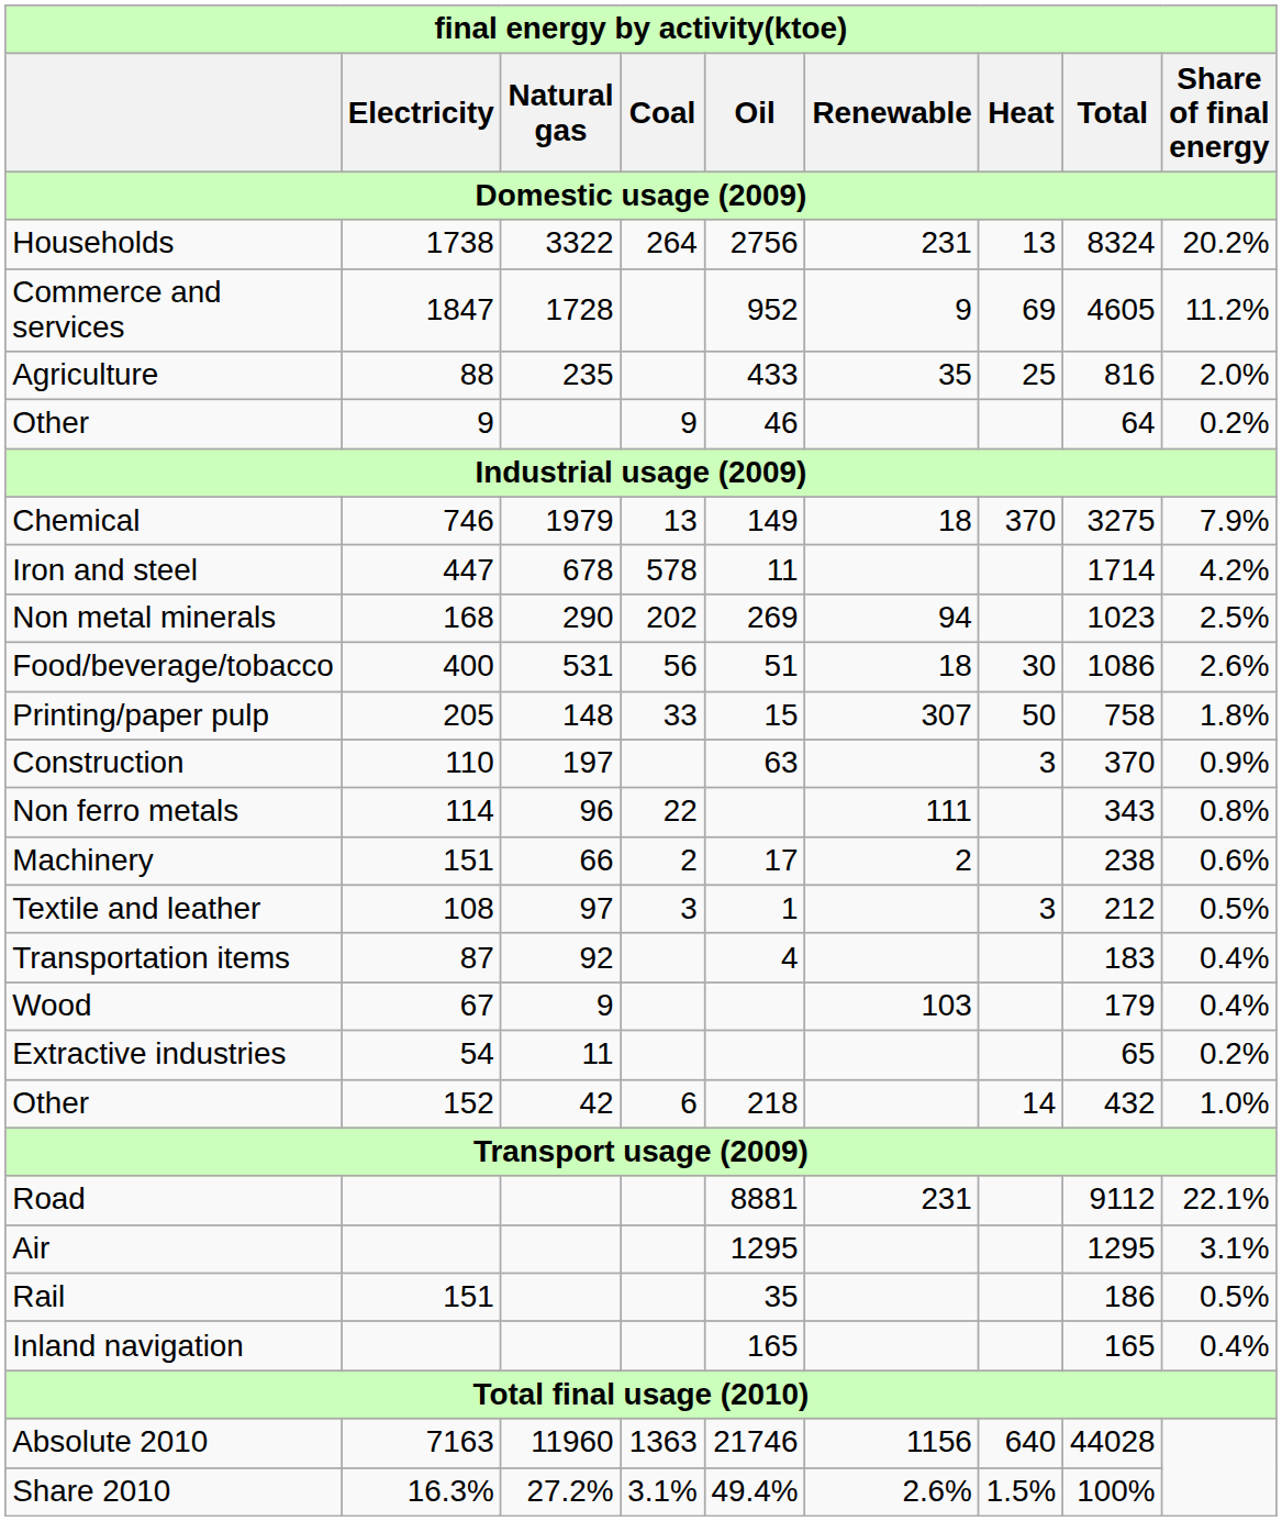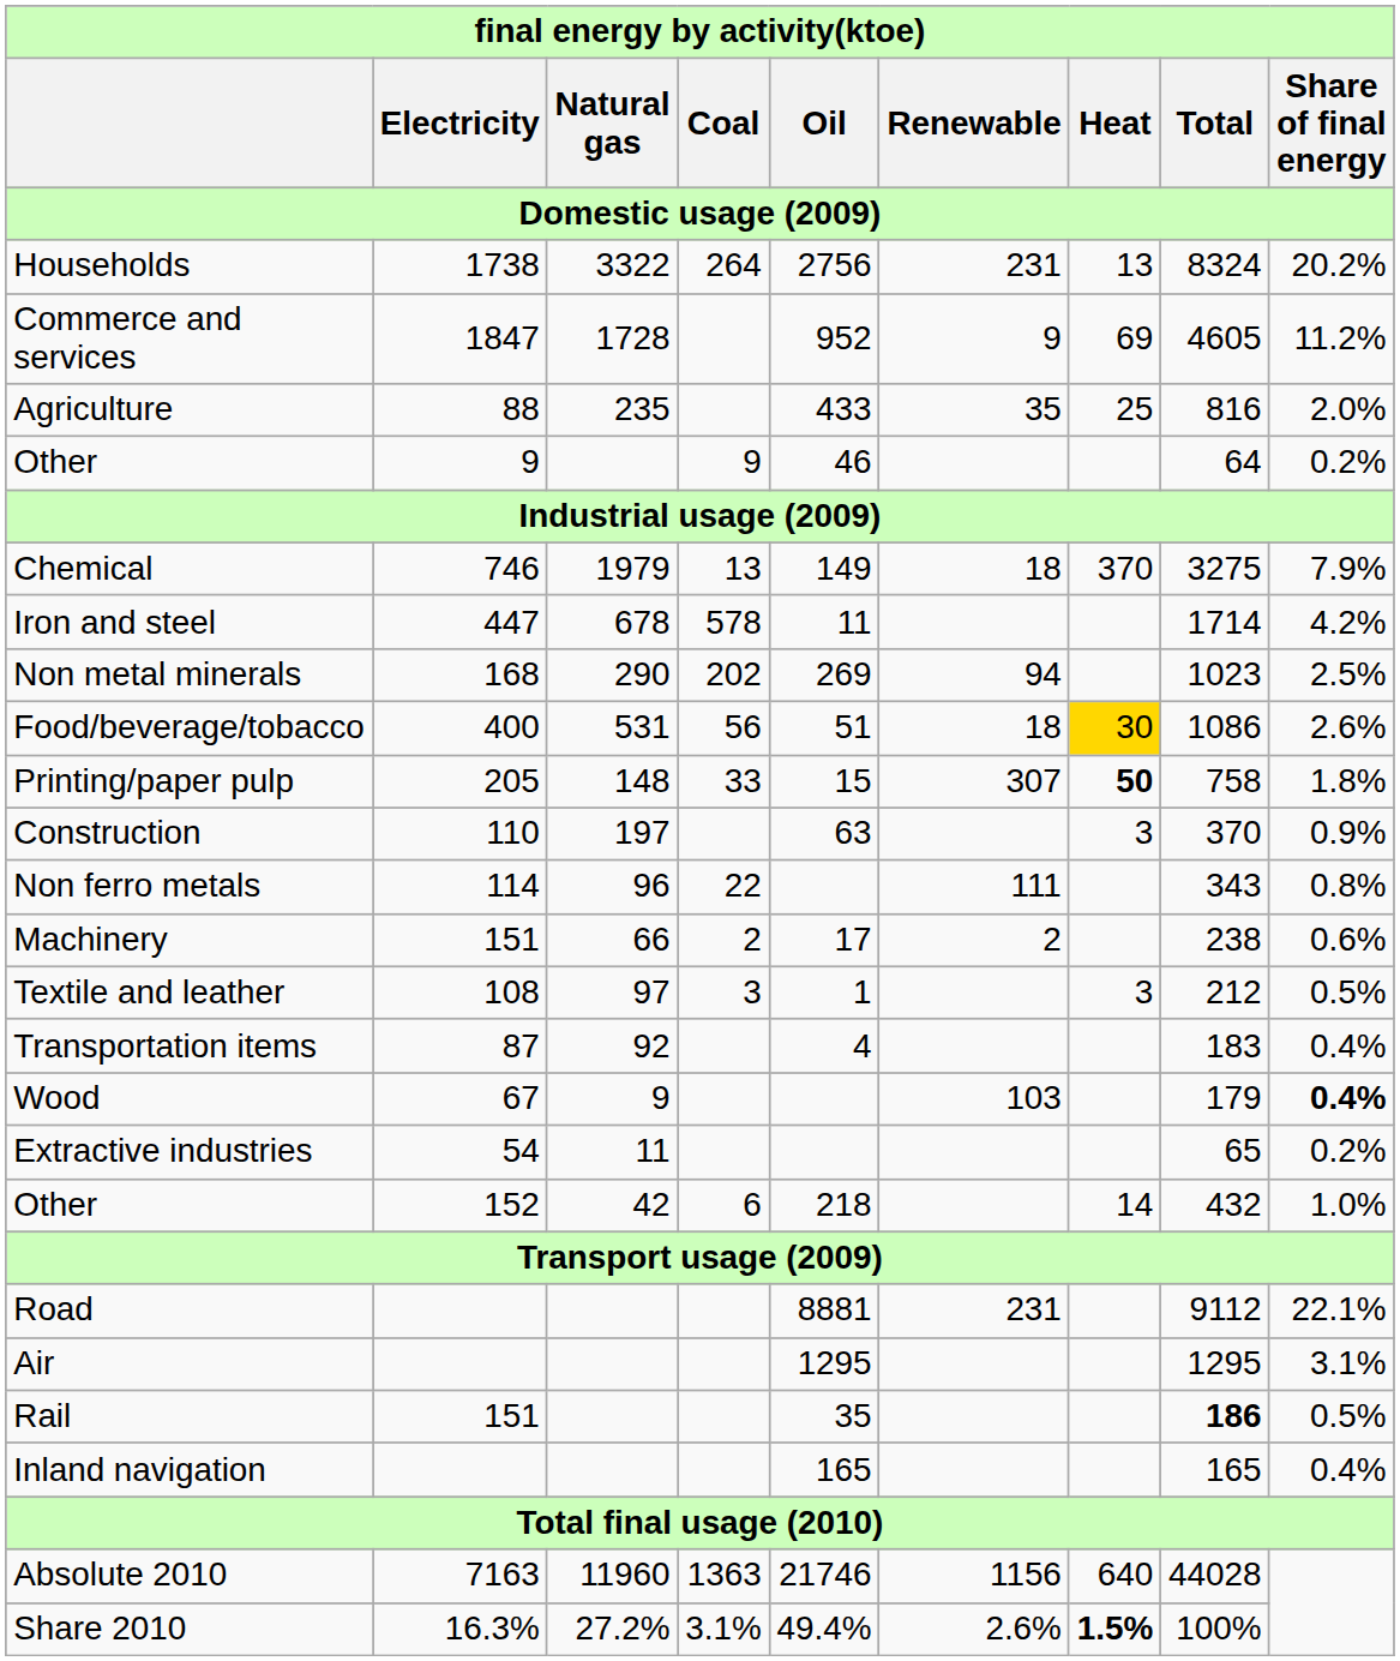 <table class="wikitable" style="text-align:right">
 <tr>
 <th colspan="9" align="center" style="background-color: #cfb;">final energy by activity(ktoe)</th>
 </tr>
 <tr>
 <th></th>
 <th>Electricity</th>
 <th>Natural gas</th>
 <th>Coal</th>
 <th>Oil</th>
 <th>Renewable</th>
 <th>Heat</th>
 <th>Total</th>
 <th>Share of final energy</th>
 </tr>
 <tr>
 <th colspan="9" align="center" style="background-color: #cfb;">Domestic usage (2009)</th>
 </tr>
 <tr>
 <td align="left">Households</td>
 <td>1738</td>
 <td>3322</td>
 <td>264</td>
 <td>2756</td>
 <td>231</td>
 <td>13</td>
 <td>8324</td>
 <td>20.2%</td>
 </tr>
 <tr>
 <td align="left">Commerce and services</td>
 <td>1847</td>
 <td>1728</td>
 <td></td>
 <td>952</td>
 <td>9</td>
 <td>69</td>
 <td>4605</td>
 <td>11.2%</td>
 </tr>
 <tr>
 <td align="left">Agriculture</td>
 <td>88</td>
 <td>235</td>
 <td></td>
 <td>433</td>
 <td>35</td>
 <td>25</td>
 <td>816</td>
 <td>2.0%</td>
 </tr>
 <tr>
 <td align="left">Other</td>
 <td>9</td>
 <td></td>
 <td>9</td>
 <td>46</td>
 <td></td>
 <td></td>
 <td>64</td>
 <td>0.2%</td>
 </tr>
 <tr>
 <th colspan="9" align="center" style="background-color: #cfb;">Industrial usage (2009)</th>
 </tr>
 <tr>
 <td align="left">Chemical</td>
 <td>746</td>
 <td>1979</td>
 <td>13</td>
 <td>149</td>
 <td>18</td>
 <td>370</td>
 <td>3275</td>
 <td>7.9%</td>
 </tr>
 <tr>
 <td align="left">Iron and steel</td>
 <td>447</td>
 <td>678</td>
 <td>578</td>
 <td>11</td>
 <td></td>
 <td></td>
 <td>1714</td>
 <td>4.2%</td>
 </tr>
 <tr>
 <td align="left">Non metal minerals</td>
 <td>168</td>
 <td>290</td>
 <td>202</td>
 <td>269</td>
 <td>94</td>
 <td></td>
 <td>1023</td>
 <td>2.5%</td>
 </tr>
 <tr>
 <td align="left">Food/beverage/tobacco</td>
 <td>400</td>
 <td>531</td>
 <td>56</td>
 <td>51</td>
 <td>18</td>
-<td>30</td>
+<td style="background: gold;">30</td>
 <td>1086</td>
 <td>2.6%</td>
 </tr>
 <tr>
 <td align="left">Printing/paper pulp</td>
 <td>205</td>
 <td>148</td>
 <td>33</td>
 <td>15</td>
 <td>307</td>
-<td>50</td>
+<td><strong>50</strong></td>
 <td>758</td>
 <td>1.8%</td>
 </tr>
 <tr>
 <td align="left">Construction</td>
 <td>110</td>
 <td>197</td>
 <td></td>
 <td>63</td>
 <td></td>
 <td>3</td>
 <td>370</td>
 <td>0.9%</td>
 </tr>
 <tr>
 <td align="left">Non ferro metals</td>
 <td>114</td>
 <td>96</td>
 <td>22</td>
 <td></td>
 <td>111</td>
 <td></td>
 <td>343</td>
 <td>0.8%</td>
 </tr>
 <tr>
 <td align="left">Machinery</td>
 <td>151</td>
 <td>66</td>
 <td>2</td>
 <td>17</td>
 <td>2</td>
 <td></td>
 <td>238</td>
 <td>0.6%</td>
 </tr>
 <tr>
 <td align="left">Textile and leather</td>
 <td>108</td>
 <td>97</td>
 <td>3</td>
 <td>1</td>
 <td></td>
 <td>3</td>
 <td>212</td>
 <td>0.5%</td>
 </tr>
 <tr>
 <td align="left">Transportation items</td>
 <td>87</td>
 <td>92</td>
 <td></td>
 <td>4</td>
 <td></td>
 <td></td>
 <td>183</td>
 <td>0.4%</td>
 </tr>
 <tr>
 <td align="left">Wood</td>
 <td>67</td>
 <td>9</td>
 <td></td>
 <td></td>
 <td>103</td>
 <td></td>
 <td>179</td>
-<td>0.4%</td>
+<td><strong>0.4%</strong></td>
 </tr>
 <tr>
 <td align="left">Extractive industries</td>
 <td>54</td>
 <td>11</td>
 <td></td>
 <td></td>
 <td></td>
 <td></td>
 <td>65</td>
 <td>0.2%</td>
 </tr>
 <tr>
 <td align="left">Other</td>
 <td>152</td>
 <td>42</td>
 <td>6</td>
 <td>218</td>
 <td></td>
 <td>14</td>
 <td>432</td>
 <td>1.0%</td>
 </tr>
 <tr>
 <th colspan="9" align="center" style="background-color: #cfb;">Transport usage (2009)</th>
 </tr>
 <tr>
 <td align="left">Road</td>
 <td></td>
 <td></td>
 <td></td>
 <td>8881</td>
 <td>231</td>
 <td></td>
 <td>9112</td>
 <td>22.1%</td>
 </tr>
 <tr>
 <td align="left">Air</td>
 <td></td>
 <td></td>
 <td></td>
 <td>1295</td>
 <td></td>
 <td></td>
 <td>1295</td>
 <td>3.1%</td>
 </tr>
 <tr>
 <td align="left">Rail</td>
 <td>151</td>
 <td></td>
 <td></td>
 <td>35</td>
 <td></td>
 <td></td>
-<td>186</td>
+<td><strong>186</strong></td>
 <td>0.5%</td>
 </tr>
 <tr>
 <td align="left">Inland navigation</td>
 <td></td>
 <td></td>
 <td></td>
 <td>165</td>
 <td></td>
 <td></td>
 <td>165</td>
 <td>0.4%</td>
 </tr>
 <tr>
 <th colspan="9" align="center" style="background-color: #cfb;">Total final usage (2010)</th>
 </tr>
 <tr>
 <td align="left">Absolute 2010</td>
 <td>7163</td>
 <td>11960</td>
 <td>1363</td>
 <td>21746</td>
 <td>1156</td>
 <td>640</td>
 <td>44028</td>
 </tr>
 <tr>
 <td align="left">Share 2010</td>
 <td>16.3%</td>
 <td>27.2%</td>
 <td>3.1%</td>
 <td>49.4%</td>
 <td>2.6%</td>
-<td>1.5%</td>
+<td><strong>1.5%</strong></td>
 <td>100%</td>
 </tr>
 </table>
